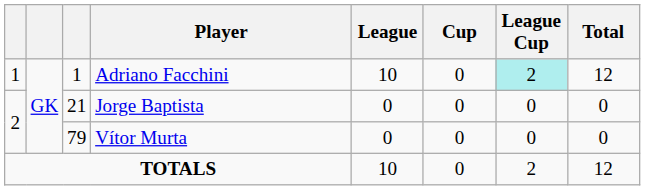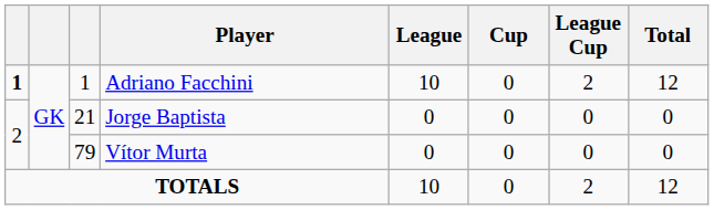 <table class="wikitable sortable" style="font-size: 95%; text-align: center;">
 <tr>
 <th width=10></th>
 <th width=10></th>
 <th width=10></th>
 <th width=200>Player</th>
 <th width=50>League</th>
 <th width=50>Cup</th>
 <th width=50>League Cup</th>
 <th width=50>Total</th>
 </tr>
 <tr>
-<td>1</td>
+<td><strong>1</strong></td>
 <td rowspan="3"><a href='#'>GK</a></td>
 <td>1</td>
 <td align=left> <a href='#'>Adriano Facchini</a></td>
 <td>10</td>
 <td>0</td>
-<td style="background: paleturquoise;">2</td>
+<td>2</td>
 <td>12</td>
 </tr>
 <tr>
 <td rowspan="2">2</td>
 <td>21</td>
 <td align=left> <a href='#'>Jorge Baptista</a></td>
 <td>0</td>
 <td>0</td>
 <td>0</td>
 <td>0</td>
 </tr>
 <tr>
 <td>79</td>
 <td align=left> <a href='#'>Vítor Murta</a></td>
 <td>0</td>
 <td>0</td>
 <td>0</td>
 <td>0</td>
 </tr>
 <tr>
 <td colspan="4"><strong>TOTALS</strong></td>
 <td>10</td>
 <td>0</td>
 <td>2</td>
 <td>12</td>
 </tr>
 </table>
